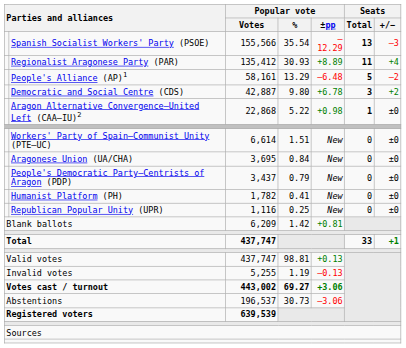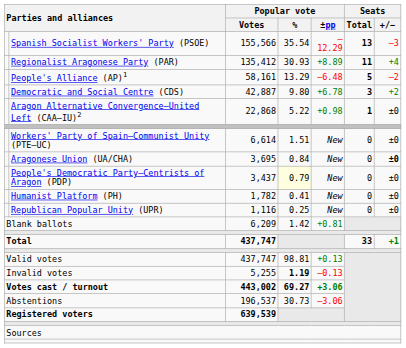 <table class="wikitable" style="text-align:right;">
 <tr>
 <th style="text-align:left;" rowspan="2" colspan="2" width="525">Parties and alliances</th>
 <th colspan="3">Popular vote</th>
 <th colspan="2">Seats</th>
 </tr>
 <tr>
 <th width="75">Votes</th>
 <th width="45">%</th>
 <th width="45">±<a href='#'>pp</a></th>
 <th width="35">Total</th>
 <th width="35">+/−</th>
 </tr>
 <tr>
 <td width="1" style="color:inherit;background:"></td>
 <td align="left"><a href='#'>Spanish Socialist Workers' Party</a> (PSOE)</td>
 <td>155,566</td>
 <td>35.54</td>
 <td style="color:red;">–12.29</td>
 <td><strong>13</strong></td>
 <td style="color:red;">–3</td>
 </tr>
 <tr>
 <td style="color:inherit;background:"></td>
 <td align="left"><a href='#'>Regionalist Aragonese Party</a> (PAR)</td>
 <td>135,412</td>
 <td>30.93</td>
 <td style="color:green;">+8.89</td>
 <td><strong>11</strong></td>
 <td style="color:green;">+4</td>
 </tr>
 <tr>
 <td style="color:inherit;background:"></td>
 <td align="left"><a href='#'>People's Alliance</a> (AP)<sup>1</sup></td>
 <td>58,161</td>
 <td>13.29</td>
 <td style="color:red;">–6.48</td>
 <td><strong>5</strong></td>
 <td style="color:red;">–2</td>
 </tr>
 <tr>
 <td style="color:inherit;background:"></td>
 <td align="left"><a href='#'>Democratic and Social Centre</a> (CDS)</td>
 <td>42,887</td>
 <td>9.80</td>
 <td style="color:green;">+6.78</td>
 <td><strong>3</strong></td>
 <td style="color:green;">+2</td>
 </tr>
 <tr>
 <td style="color:inherit;background:"></td>
 <td align="left"><a href='#'>Aragon Alternative Convergence–United Left</a> (CAA–IU)<sup>2</sup></td>
 <td>22,868</td>
 <td>5.22</td>
 <td style="color:green;">+0.98</td>
 <td><strong>1</strong></td>
 <td>±0</td>
 </tr>
 <tr>
 <td colspan="7" bgcolor="#C0C0C0"></td>
 </tr>
 <tr>
 <td style="color:inherit;background:"></td>
 <td align="left"><a href='#'>Workers' Party of Spain–Communist Unity</a> (PTE–UC)</td>
 <td>6,614</td>
 <td>1.51</td>
 <td><em>New</em></td>
 <td>0</td>
 <td>±0</td>
 </tr>
 <tr>
 <td style="color:inherit;background:"></td>
 <td align="left"><a href='#'>Aragonese Union</a> (UA/CHA)</td>
 <td>3,695</td>
 <td>0.84</td>
 <td><em>New</em></td>
 <td>0</td>
-<td>±0</td>
+<td><strong>±0</strong></td>
 </tr>
 <tr>
 <td style="color:inherit;background:"></td>
 <td align="left"><a href='#'>People's Democratic Party–Centrists of Aragon</a> (PDP)</td>
 <td>3,437</td>
-<td>0.79</td>
+<td style="background: lightyellow;">0.79</td>
 <td><em>New</em></td>
 <td>0</td>
 <td>±0</td>
 </tr>
 <tr>
 <td style="color:inherit;background:"></td>
 <td align="left"><a href='#'>Humanist Platform</a> (PH)</td>
 <td>1,782</td>
 <td>0.41</td>
 <td><em>New</em></td>
 <td>0</td>
 <td>±0</td>
 </tr>
 <tr>
 <td style="color:inherit;background:"></td>
 <td align="left"><a href='#'>Republican Popular Unity</a> (UPR)</td>
 <td>1,116</td>
 <td>0.25</td>
 <td><em>New</em></td>
 <td>0</td>
 <td>±0</td>
 </tr>
 <tr>
 <td align="left" colspan="2">Blank ballots</td>
 <td>6,209</td>
 <td>1.42</td>
 <td style="color:green;">+0.81</td>
 <td bgcolor="#E9E9E9" colspan="2"></td>
 </tr>
 <tr>
 <td colspan="7" bgcolor="#E9E9E9"></td>
 </tr>
 <tr style="font-weight:bold;">
 <td align="left" colspan="2">Total</td>
 <td>437,747</td>
 <td bgcolor="#E9E9E9" colspan="2"></td>
 <td>33</td>
 <td style="color:green;">+1</td>
 </tr>
 <tr>
 <td colspan="7" bgcolor="#E9E9E9"></td>
 </tr>
 <tr>
 <td align="left" colspan="2">Valid votes</td>
 <td>437,747</td>
 <td>98.81</td>
 <td style="color:green;">+0.13</td>
 <td bgcolor="#E9E9E9" colspan="2" rowspan="5"></td>
 </tr>
 <tr>
 <td align="left" colspan="2">Invalid votes</td>
 <td>5,255</td>
-<td>1.19</td>
+<td><strong>1.19</strong></td>
 <td style="color:red;">–0.13</td>
 </tr>
 <tr style="font-weight:bold;">
 <td align="left" colspan="2">Votes cast / turnout</td>
 <td>443,002</td>
 <td>69.27</td>
 <td style="color:green;">+3.06</td>
 </tr>
 <tr>
 <td align="left" colspan="2">Abstentions</td>
 <td>196,537</td>
 <td>30.73</td>
 <td style="color:red;">–3.06</td>
 </tr>
 <tr style="font-weight:bold;">
 <td align="left" colspan="2">Registered voters</td>
 <td>639,539</td>
 <td bgcolor="#E9E9E9" colspan="2"></td>
 </tr>
 <tr>
 <td colspan="7" bgcolor="#E9E9E9"></td>
 </tr>
 <tr>
 <td align="left" colspan="7">Sources</td>
 </tr>
 <tr>
 <td colspan="7" style="text-align:left; max-width:790px;"></td>
 </tr>
 </table>
